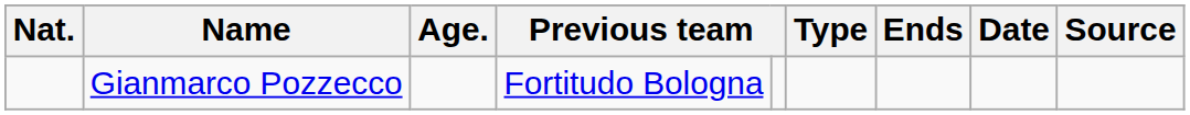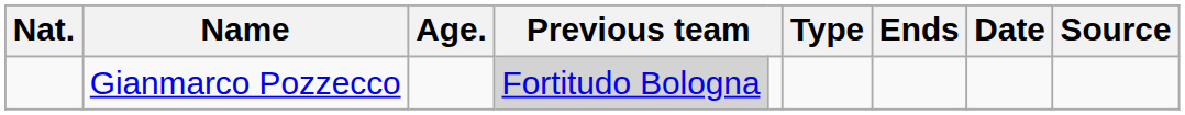 <table class="wikitable sortable">
 <tr>
 <th>Nat.</th>
 <th>Name</th>
 <th>Age.</th>
 <th colspan=2>Previous team</th>
 <th>Type</th>
 <th>Ends</th>
 <th>Date</th>
 <th>Source</th>
 </tr>
 <tr>
 <td></td>
 <td><a href='#'>Gianmarco Pozzecco</a></td>
 <td></td>
-<td><a href='#'>Fortitudo Bologna</a></td>
+<td style="background: lightgrey;"><a href='#'>Fortitudo Bologna</a></td>
 <td></td>
 <td></td>
 <td></td>
 <td></td>
 <td></td>
 </tr>
 </table>
